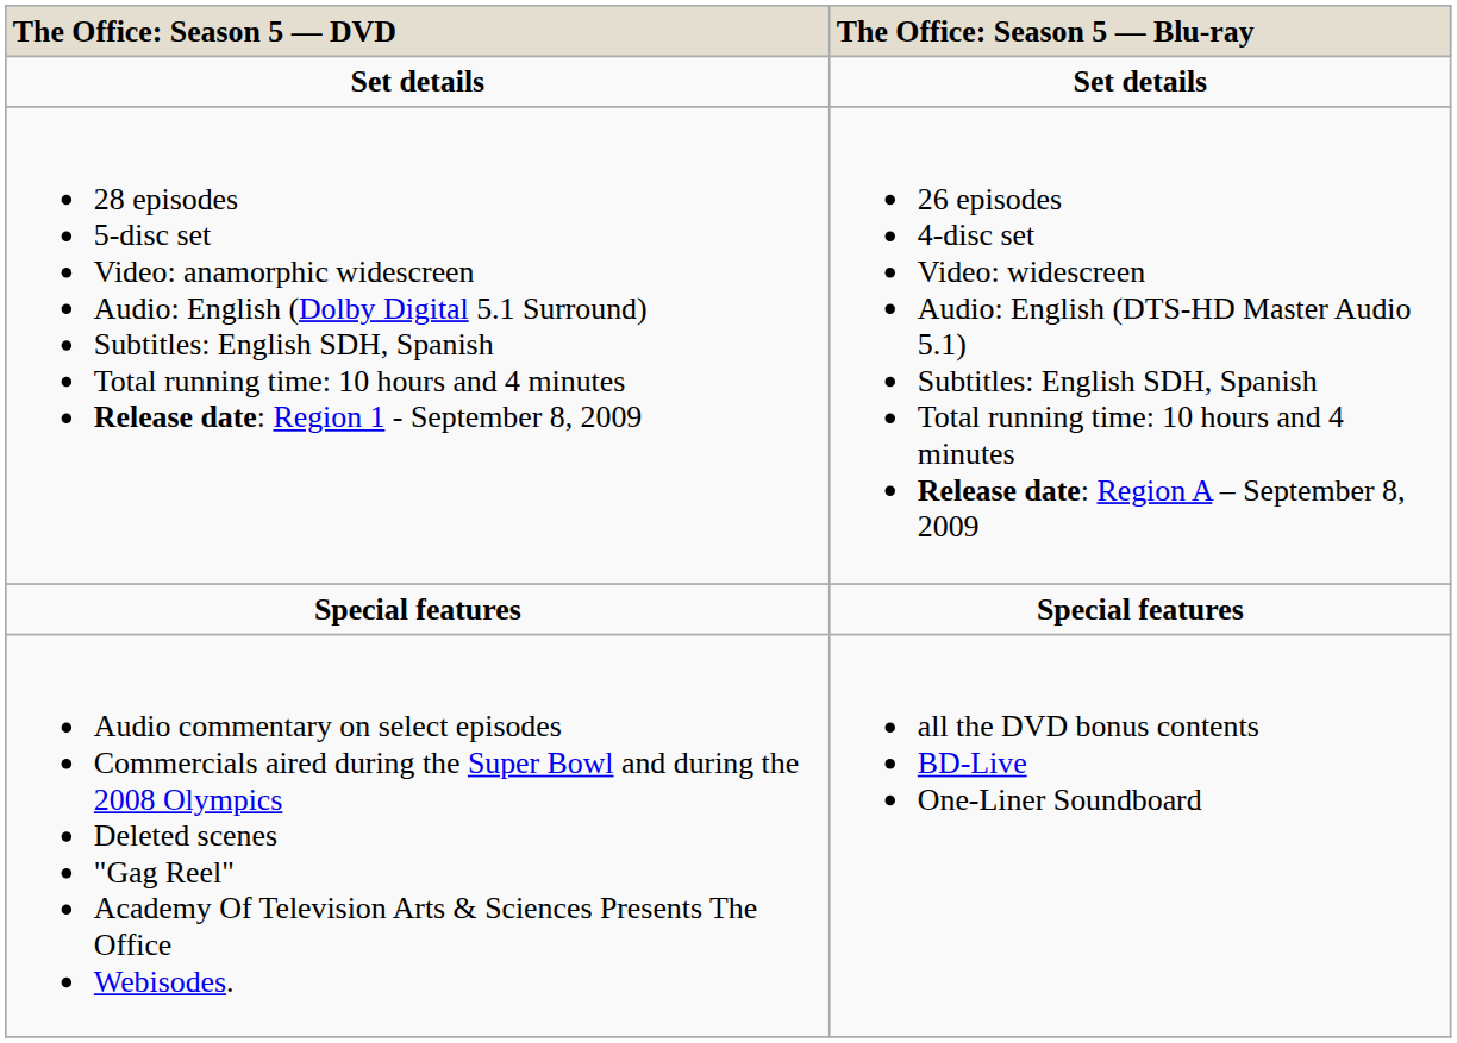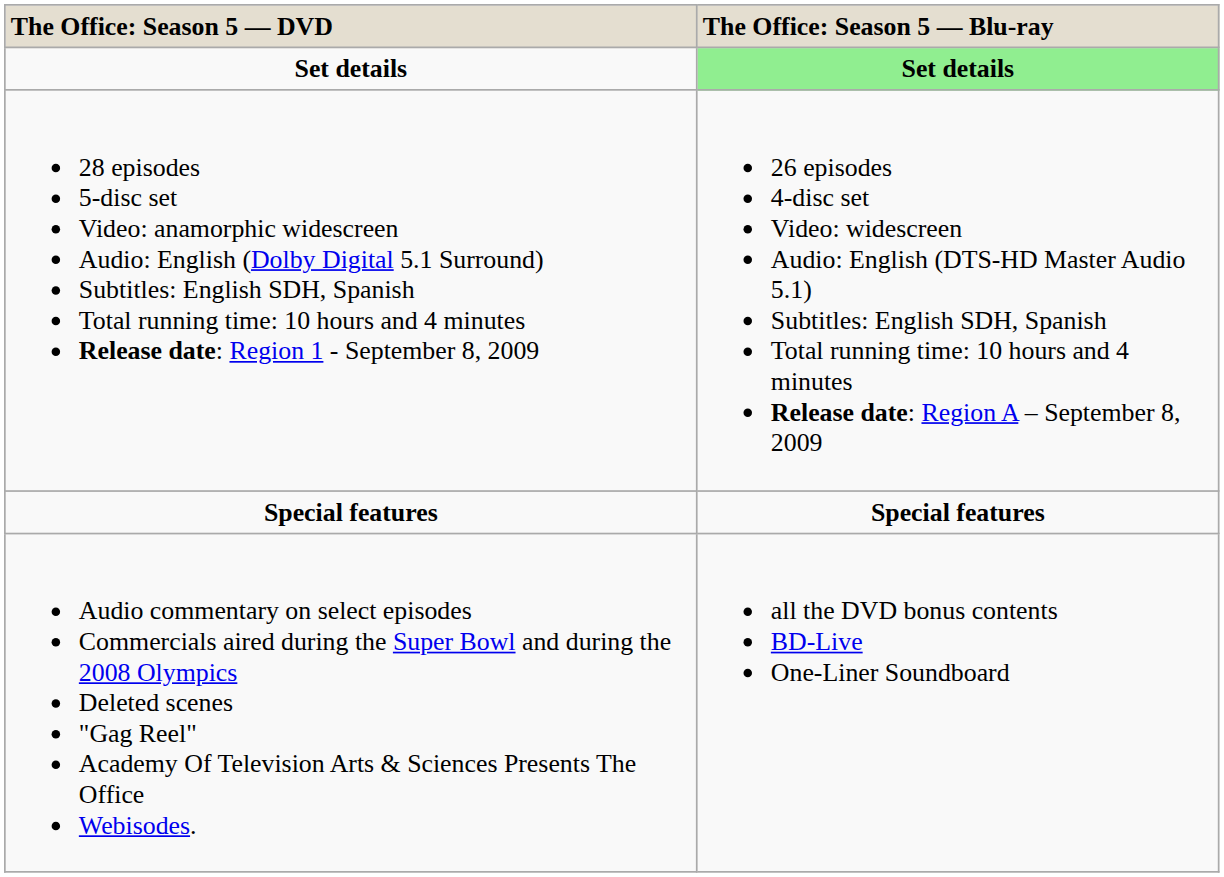 <table class="wikitable" style="font-size: 95%;">
 <tr style="background:#EFEFEF">
 <td style="background-color: #E4DED0;"><strong>The Office: Season 5 — DVD</strong></td>
 <td style="background-color: #E4DED0;"><strong>The Office: Season 5 — Blu-ray</strong></td>
 </tr>
 <tr valign="top">
 <td align="center" width="400"><strong>Set details</strong></td>
-<td align="center" width="300"><strong>Set details</strong></td>
+<td align="center" width="300" style="background: lightgreen;"><strong>Set details</strong></td>
 </tr>
 <tr valign="top">
 <td align="left" width="400"><br><ul><li>28 episodes</li><li>5-disc set</li><li>Video: anamorphic widescreen</li><li>Audio: English (<a href='#'>Dolby Digital</a> 5.1 Surround)</li><li>Subtitles: English SDH, Spanish</li><li>Total running time: 10 hours and 4 minutes</li><li><strong>Release date</strong>: <a href='#'>Region 1</a> - September 8, 2009</li></ul></td>
 <td align="left" width="300"><br><ul><li>26 episodes</li><li>4-disc set</li><li>Video: widescreen</li><li>Audio: English (DTS-HD Master Audio 5.1)</li><li>Subtitles: English SDH, Spanish</li><li>Total running time: 10 hours and 4 minutes</li><li><strong>Release date</strong>: <a href='#'>Region A</a> – September 8, 2009</li></ul></td>
 </tr>
 <tr valign="top">
 <td align="center" width="400"><strong>Special features</strong></td>
 <td width="300" align="center"><strong>Special features</strong></td>
 </tr>
 <tr valign="top">
 <td align="left" width="400"><br><ul><li>Audio commentary on select episodes</li><li>Commercials aired during the <a href='#'>Super Bowl</a> and during the <a href='#'>2008 Olympics</a></li><li>Deleted scenes</li><li>"Gag Reel"</li><li>Academy Of Television Arts & Sciences Presents The Office</li><li><a href='#'>Webisodes</a>.</li></ul></td>
 <td align="left" width="300"><br><ul><li>all the DVD bonus contents</li><li><a href='#'>BD-Live</a></li><li>One-Liner Soundboard</li></ul></td>
 </tr>
 </table>
